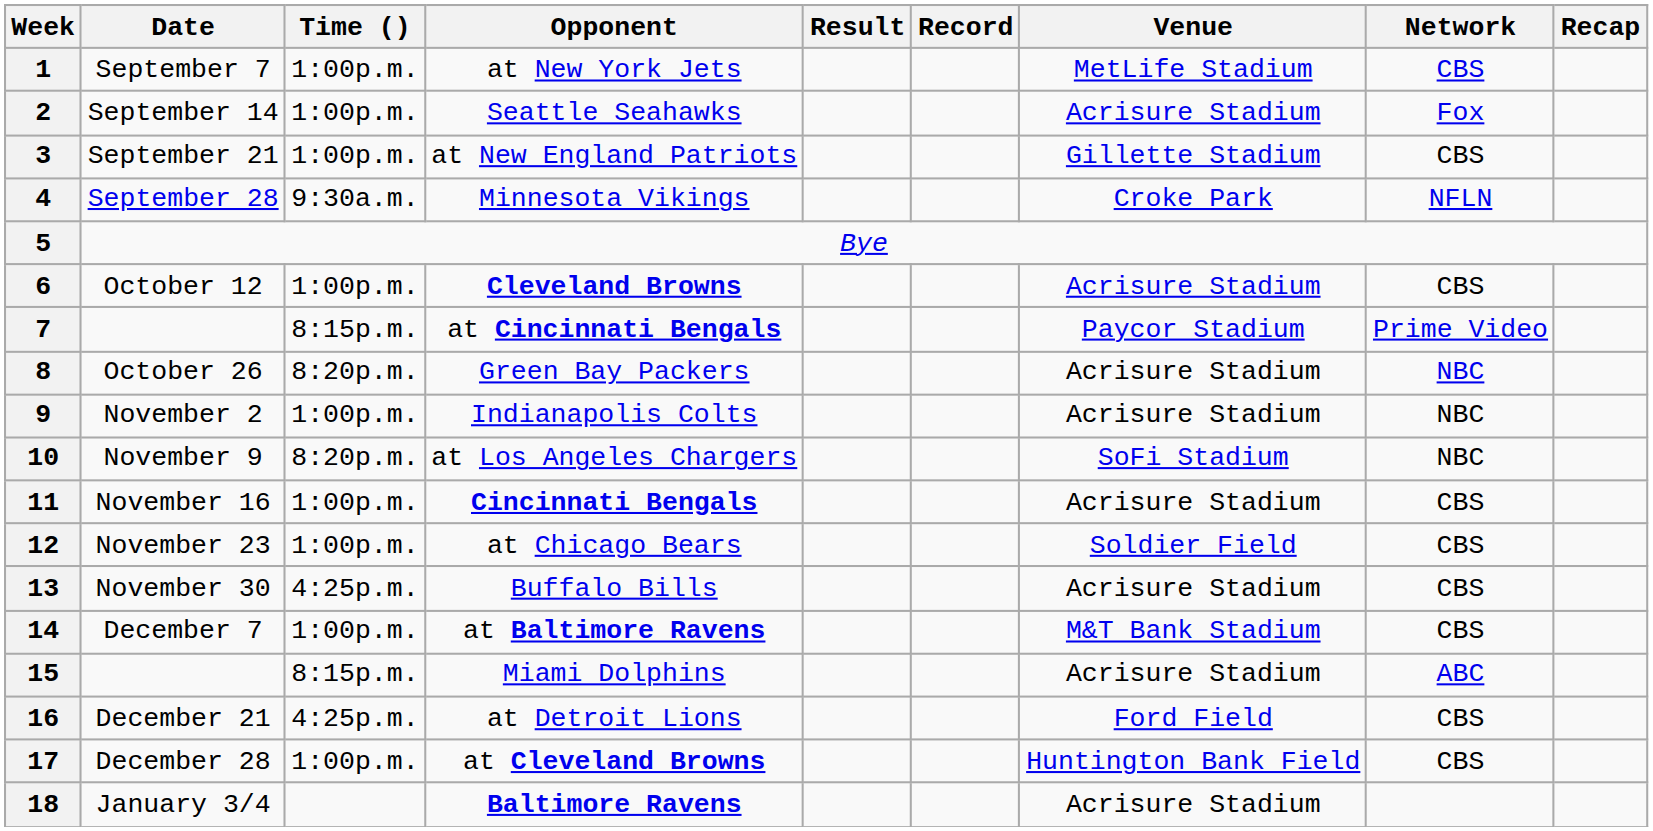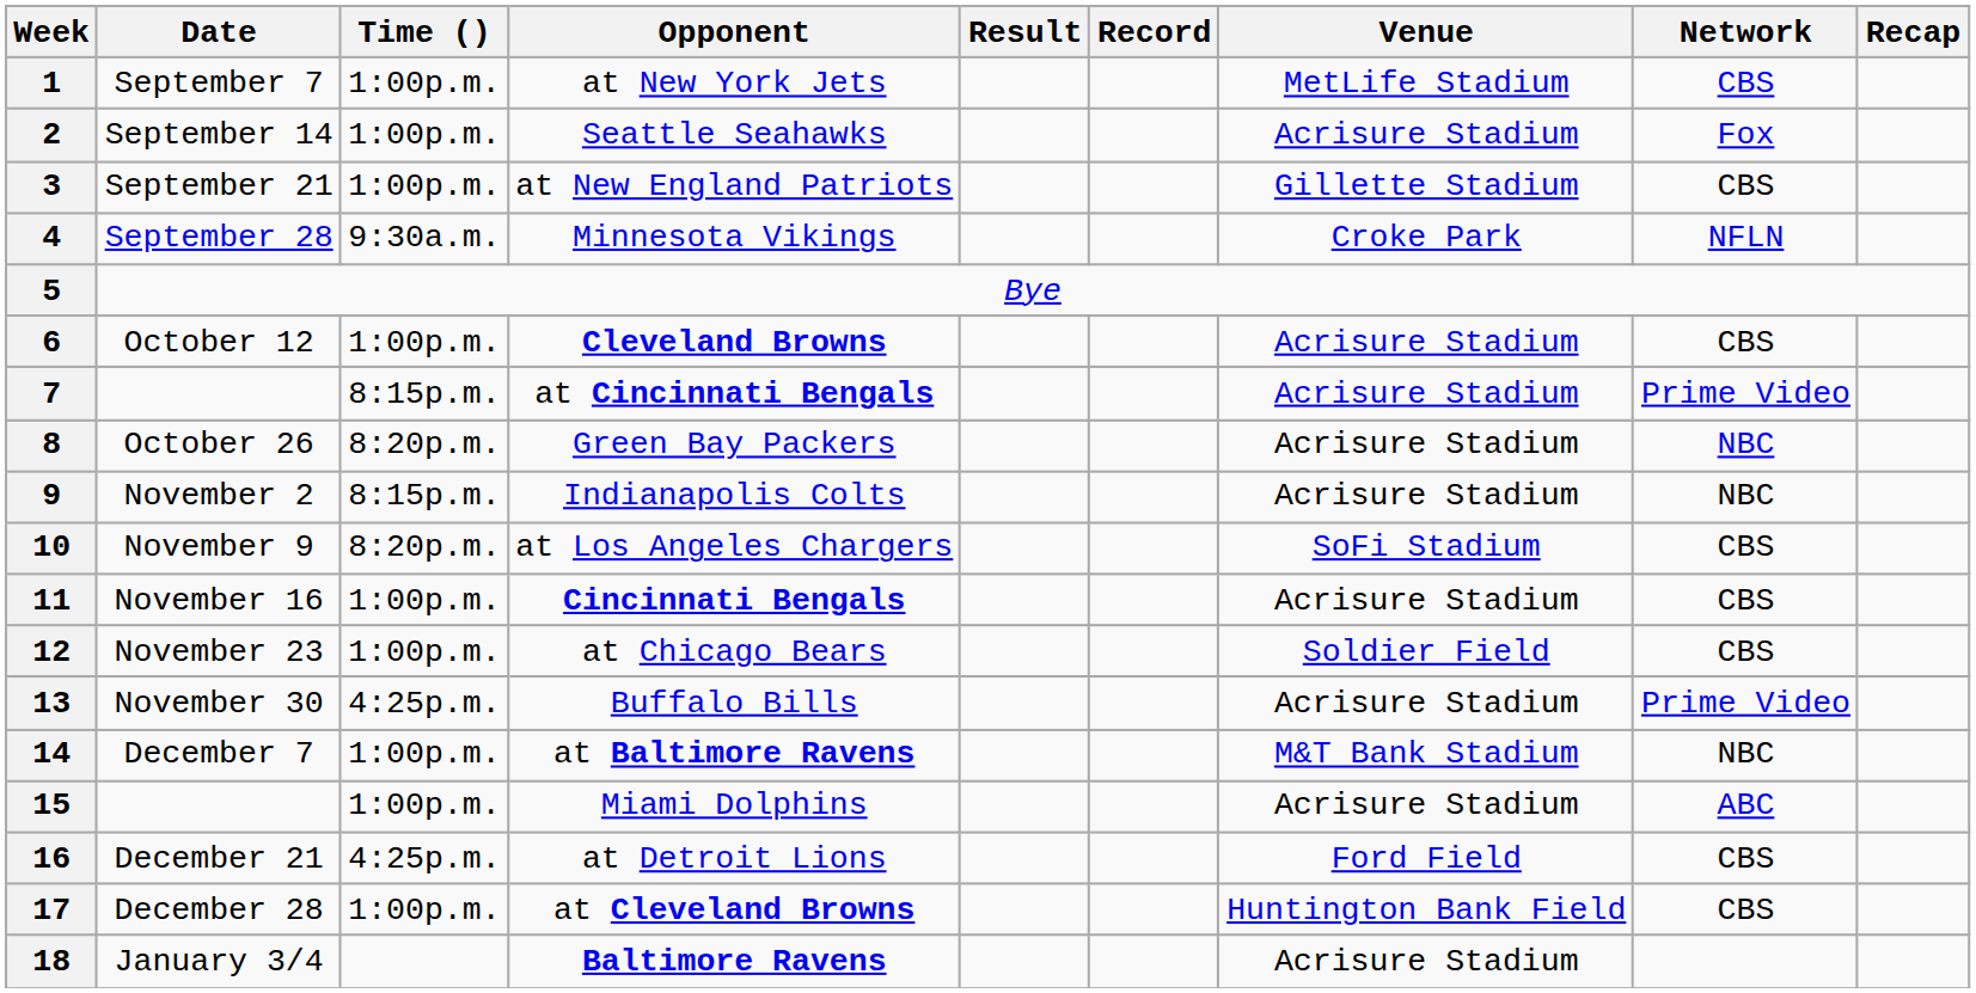 <table class="wikitable" style="text-align:center">
 <tr>
 <th>Week</th>
 <th>Date</th>
 <th>Time (<a href='#'></a>)</th>
 <th>Opponent</th>
 <th>Result</th>
 <th>Record</th>
 <th>Venue</th>
 <th>Network</th>
 <th>Recap</th>
 </tr>
 <tr>
 <th>1 </th>
 <td>September 7</td>
 <td>1:00p.m.</td>
 <td>at <a href='#'>New York Jets</a></td>
 <td></td>
 <td></td>
 <td><a href='#'>MetLife Stadium</a></td>
 <td><a href='#'>CBS</a></td>
 <td></td>
 </tr>
 <tr>
 <th>2 </th>
 <td>September 14</td>
 <td>1:00p.m.</td>
 <td><a href='#'>Seattle Seahawks</a></td>
 <td></td>
 <td></td>
 <td><a href='#'>Acrisure Stadium</a></td>
 <td><a href='#'>Fox</a></td>
 <td></td>
 </tr>
 <tr>
 <th>3 </th>
 <td>September 21</td>
 <td>1:00p.m.</td>
 <td>at <a href='#'>New England Patriots</a></td>
 <td></td>
 <td></td>
 <td><a href='#'>Gillette Stadium</a></td>
 <td>CBS</td>
 <td></td>
 </tr>
 <tr>
 <th>4 </th>
 <td><a href='#'>September 28</a></td>
 <td>9:30a.m.</td>
 <td><a href='#'>Minnesota Vikings</a></td>
 <td></td>
 <td></td>
 <td> <a href='#'>Croke Park</a> </td>
 <td><a href='#'>NFLN</a></td>
 <td></td>
 </tr>
 <tr>
 <th>5</th>
 <td colspan=8><em><a href='#'>Bye</a></em></td>
 </tr>
 <tr>
 <th>6 </th>
 <td>October 12</td>
 <td>1:00p.m.</td>
 <td><strong><a href='#'>Cleveland Browns</a></strong></td>
 <td></td>
 <td></td>
 <td><a href='#'>Acrisure Stadium</a></td>
 <td>CBS</td>
 <td></td>
 </tr>
 <tr>
 <th>7 </th>
 <td></td>
 <td>8:15p.m.</td>
 <td>at <strong><a href='#'>Cincinnati Bengals</a></strong></td>
 <td></td>
 <td></td>
-<td><a href='#'>Paycor Stadium</a></td>
+<td><a href='#'>Acrisure Stadium</a></td>
 <td><a href='#'>Prime Video</a></td>
 <td></td>
 </tr>
 <tr>
 <th>8 </th>
 <td>October 26</td>
 <td>8:20p.m.</td>
 <td><a href='#'>Green Bay Packers</a></td>
 <td></td>
 <td></td>
 <td>Acrisure Stadium</td>
 <td><a href='#'>NBC</a></td>
 <td></td>
 </tr>
 <tr>
 <th>9 </th>
 <td>November 2</td>
-<td>1:00p.m.</td>
+<td>8:15p.m.</td>
 <td><a href='#'>Indianapolis Colts</a></td>
 <td></td>
 <td></td>
 <td>Acrisure Stadium</td>
 <td>NBC</td>
 <td></td>
 </tr>
 <tr>
 <th>10 </th>
 <td>November 9</td>
 <td>8:20p.m.</td>
 <td>at <a href='#'>Los Angeles Chargers</a></td>
 <td></td>
 <td></td>
 <td><a href='#'>SoFi Stadium</a></td>
-<td>NBC</td>
+<td>CBS</td>
 <td></td>
 </tr>
 <tr>
 <th>11 </th>
 <td>November 16</td>
 <td>1:00p.m.</td>
 <td><strong><a href='#'>Cincinnati Bengals</a></strong></td>
 <td></td>
 <td></td>
 <td>Acrisure Stadium</td>
 <td>CBS</td>
 <td></td>
 </tr>
 <tr>
 <th>12 </th>
 <td>November 23</td>
 <td>1:00p.m.</td>
 <td>at <a href='#'>Chicago Bears</a></td>
 <td></td>
 <td></td>
 <td><a href='#'>Soldier Field</a></td>
 <td>CBS</td>
 <td></td>
 </tr>
 <tr>
 <th>13 </th>
 <td>November 30</td>
 <td>4:25p.m.</td>
 <td><a href='#'>Buffalo Bills</a></td>
 <td></td>
 <td></td>
 <td>Acrisure Stadium</td>
-<td>CBS</td>
+<td><a href='#'>Prime Video</a></td>
 <td></td>
 </tr>
 <tr>
 <th>14 </th>
 <td>December 7</td>
 <td>1:00p.m.</td>
 <td>at <strong><a href='#'>Baltimore Ravens</a></strong></td>
 <td></td>
 <td></td>
 <td><a href='#'>M&T Bank Stadium</a></td>
-<td>CBS</td>
+<td>NBC</td>
 <td></td>
 </tr>
 <tr>
 <th>15 </th>
 <td></td>
-<td>8:15p.m.</td>
+<td>1:00p.m.</td>
 <td><a href='#'>Miami Dolphins</a></td>
 <td></td>
 <td></td>
 <td>Acrisure Stadium</td>
 <td><a href='#'>ABC</a></td>
 <td></td>
 </tr>
 <tr>
 <th>16 </th>
 <td>December 21</td>
 <td>4:25p.m.</td>
 <td>at <a href='#'>Detroit Lions</a></td>
 <td></td>
 <td></td>
 <td><a href='#'>Ford Field</a></td>
 <td>CBS</td>
 <td></td>
 </tr>
 <tr>
 <th>17 </th>
 <td>December 28</td>
 <td>1:00p.m.</td>
 <td>at <strong><a href='#'>Cleveland Browns</a></strong></td>
 <td></td>
 <td></td>
 <td><a href='#'>Huntington Bank Field</a></td>
 <td>CBS</td>
 <td></td>
 </tr>
 <tr>
 <th>18 </th>
 <td>January 3/4</td>
 <td></td>
 <td><strong><a href='#'>Baltimore Ravens</a></strong></td>
 <td></td>
 <td></td>
 <td>Acrisure Stadium</td>
 <td></td>
 <td></td>
 </tr>
 </table>
